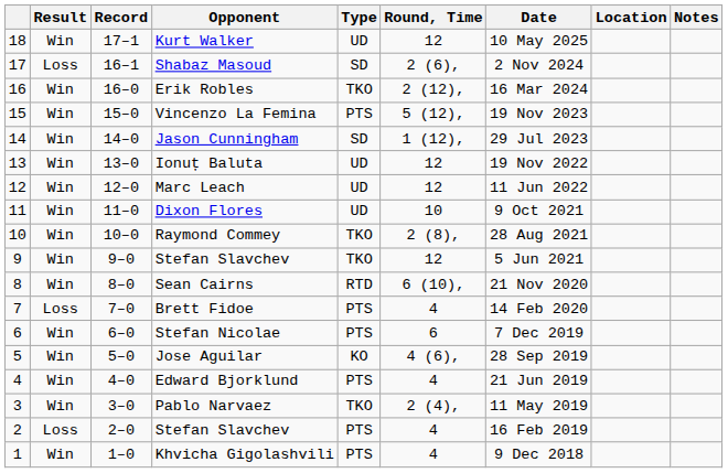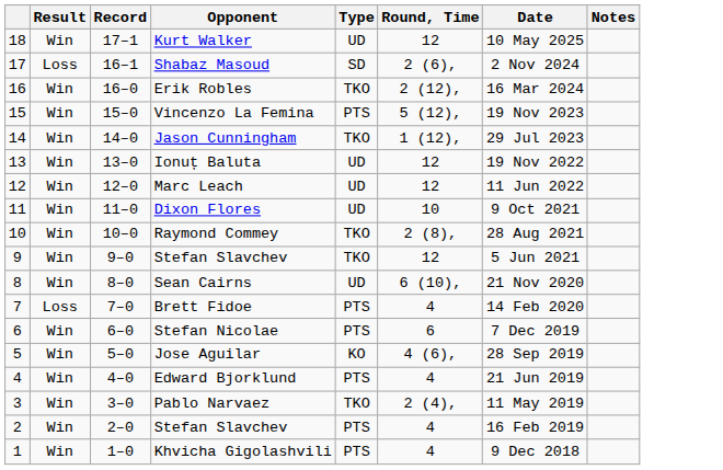 <table class="wikitable" style="text-align:center;">
 <tr>
 <th></th>
 <th>Result</th>
 <th>Record</th>
 <th>Opponent</th>
 <th>Type</th>
 <th>Round, Time</th>
 <th>Date</th>
-<th>Location</th>
 <th>Notes</th>
 </tr>
 <tr>
 <td>18</td>
 <td>Win</td>
 <td>17–1</td>
 <td align=left><a href='#'>Kurt Walker</a></td>
 <td>UD</td>
 <td>12</td>
 <td>10 May 2025</td>
-<td align=left></td>
 <td></td>
 </tr>
 <tr>
 <td>17</td>
 <td>Loss</td>
 <td>16–1</td>
 <td align=left><a href='#'>Shabaz Masoud</a></td>
 <td>SD</td>
 <td>2 (6), </td>
 <td>2 Nov 2024</td>
 <td align=left></td>
-<td align=left></td>
 </tr>
 <tr>
 <td>16</td>
 <td>Win</td>
 <td>16–0</td>
 <td align=left>Erik Robles</td>
 <td>TKO</td>
 <td>2 (12), </td>
 <td>16 Mar 2024</td>
-<td align=left></td>
 <td align=left></td>
 </tr>
 <tr>
 <td>15</td>
 <td>Win</td>
 <td>15–0</td>
 <td align=left>Vincenzo La Femina</td>
 <td>PTS</td>
 <td>5 (12), </td>
 <td>19 Nov 2023</td>
 <td align=left></td>
-<td align=left></td>
 </tr>
 <tr>
 <td>14</td>
 <td>Win</td>
 <td>14–0</td>
 <td align=left><a href='#'>Jason Cunningham</a></td>
-<td>SD</td>
+<td>TKO</td>
 <td>1 (12), </td>
 <td>29 Jul 2023</td>
-<td align=left></td>
 <td align=left></td>
 </tr>
 <tr>
 <td>13</td>
 <td>Win</td>
 <td>13–0</td>
 <td align=left>Ionuț Baluta</td>
 <td>UD</td>
 <td>12</td>
 <td>19 Nov 2022</td>
 <td align=left></td>
-<td align=left></td>
 </tr>
 <tr>
 <td>12</td>
 <td>Win</td>
 <td>12–0</td>
 <td align=left>Marc Leach</td>
 <td>UD</td>
 <td>12</td>
 <td>11 Jun 2022</td>
-<td align=left></td>
 <td align=left></td>
 </tr>
 <tr>
 <td>11</td>
 <td>Win</td>
 <td>11–0</td>
 <td align=left><a href='#'>Dixon Flores</a></td>
 <td>UD</td>
 <td>10</td>
 <td>9 Oct 2021</td>
 <td align=left></td>
-<td align=left></td>
 </tr>
 <tr>
 <td>10</td>
 <td>Win</td>
 <td>10–0</td>
 <td align=left>Raymond Commey</td>
 <td>TKO</td>
 <td>2 (8), </td>
 <td>28 Aug 2021</td>
-<td align=left></td>
 <td></td>
 </tr>
 <tr>
 <td>9</td>
 <td>Win</td>
 <td>9–0</td>
 <td align=left>Stefan Slavchev</td>
 <td>TKO</td>
 <td>12</td>
 <td>5 Jun 2021</td>
-<td align=left></td>
 <td></td>
 </tr>
 <tr>
 <td>8</td>
 <td>Win</td>
 <td>8–0</td>
 <td align=left>Sean Cairns</td>
-<td>RTD</td>
+<td>UD</td>
 <td>6 (10), </td>
 <td>21 Nov 2020</td>
-<td align=left></td>
 <td align=left></td>
 </tr>
 <tr>
 <td>7</td>
 <td>Loss</td>
 <td>7–0</td>
 <td align=left>Brett Fidoe</td>
 <td>PTS</td>
 <td>4</td>
 <td>14 Feb 2020</td>
-<td align=left></td>
 <td></td>
 </tr>
 <tr>
 <td>6</td>
 <td>Win</td>
 <td>6–0</td>
 <td align=left>Stefan Nicolae</td>
 <td>PTS</td>
 <td>6</td>
 <td>7 Dec 2019</td>
-<td align=left></td>
 <td></td>
 </tr>
 <tr>
 <td>5</td>
 <td>Win</td>
 <td>5–0</td>
 <td align=left>Jose Aguilar</td>
 <td>KO</td>
 <td>4 (6), </td>
 <td>28 Sep 2019</td>
-<td align=left></td>
 <td></td>
 </tr>
 <tr>
 <td>4</td>
 <td>Win</td>
 <td>4–0</td>
 <td align=left>Edward Bjorklund</td>
 <td>PTS</td>
 <td>4</td>
 <td>21 Jun 2019</td>
-<td align=left></td>
 <td></td>
 </tr>
 <tr>
 <td>3</td>
 <td>Win</td>
 <td>3–0</td>
 <td align=left>Pablo Narvaez</td>
 <td>TKO</td>
 <td>2 (4), </td>
 <td>11 May 2019</td>
-<td align=left></td>
 <td></td>
 </tr>
 <tr>
 <td>2</td>
-<td>Loss</td>
+<td>Win</td>
 <td>2–0</td>
 <td align=left>Stefan Slavchev</td>
 <td>PTS</td>
 <td>4</td>
 <td>16 Feb 2019</td>
-<td align=left></td>
 <td></td>
 </tr>
 <tr>
 <td>1</td>
 <td>Win</td>
 <td>1–0</td>
 <td align=left>Khvicha Gigolashvili</td>
 <td>PTS</td>
 <td>4</td>
 <td>9 Dec 2018</td>
-<td align=left></td>
 <td></td>
 </tr>
 </table>
